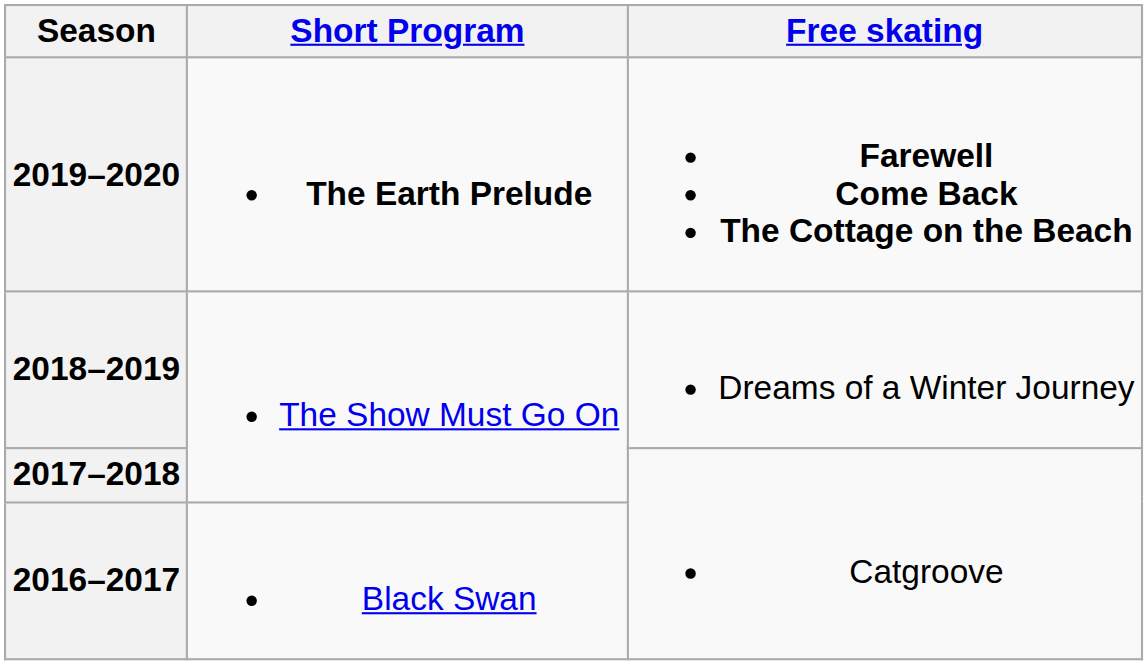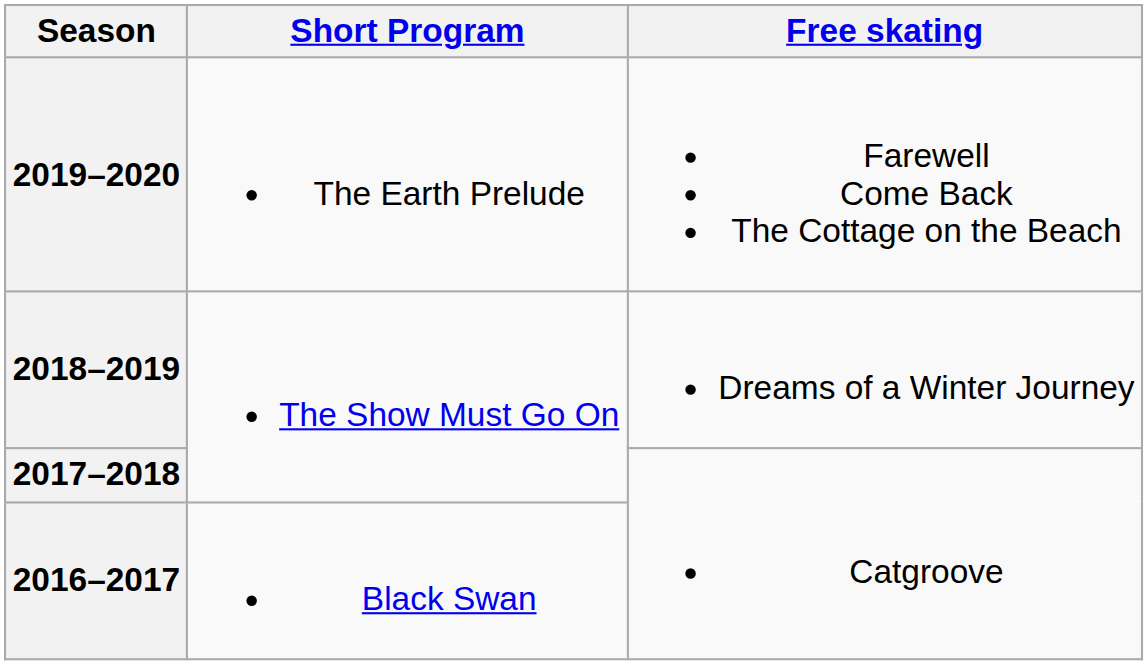 <table class=wikitable style=text-align:center>
 <tr>
 <th>Season</th>
 <th><a href='#'>Short Program</a></th>
 <th><a href='#'>Free skating</a></th>
 </tr>
 <tr>
 <th>2019–2020<br></th>
-<td><strong><br><ul><li>The Earth Prelude <br> </li></ul></strong></td>
-<td><strong><br><ul><li>Farewell</li><li>Come Back</li><li>The Cottage on the Beach <br> </li></ul></strong></td>
+<td><br><ul><li>The Earth Prelude <br> </li></ul></td>
+<td><br><ul><li>Farewell</li><li>Come Back</li><li>The Cottage on the Beach <br> </li></ul></td>
 </tr>
 <tr>
 <th>2018–2019<br></th>
 <td rowspan=2><br><ul><li><a href='#'>The Show Must Go On</a>  <br></li></ul></td>
 <td><br><ul><li>Dreams of a Winter Journey <br></li></ul></td>
 </tr>
 <tr>
 <th>2017–2018</th>
 <td rowspan=2><br><ul><li>Catgroove <br></li></ul></td>
 </tr>
 <tr>
 <th>2016–2017</th>
 <td><br><ul><li><a href='#'>Black Swan</a> <br></li></ul></td>
 </tr>
 </table>
